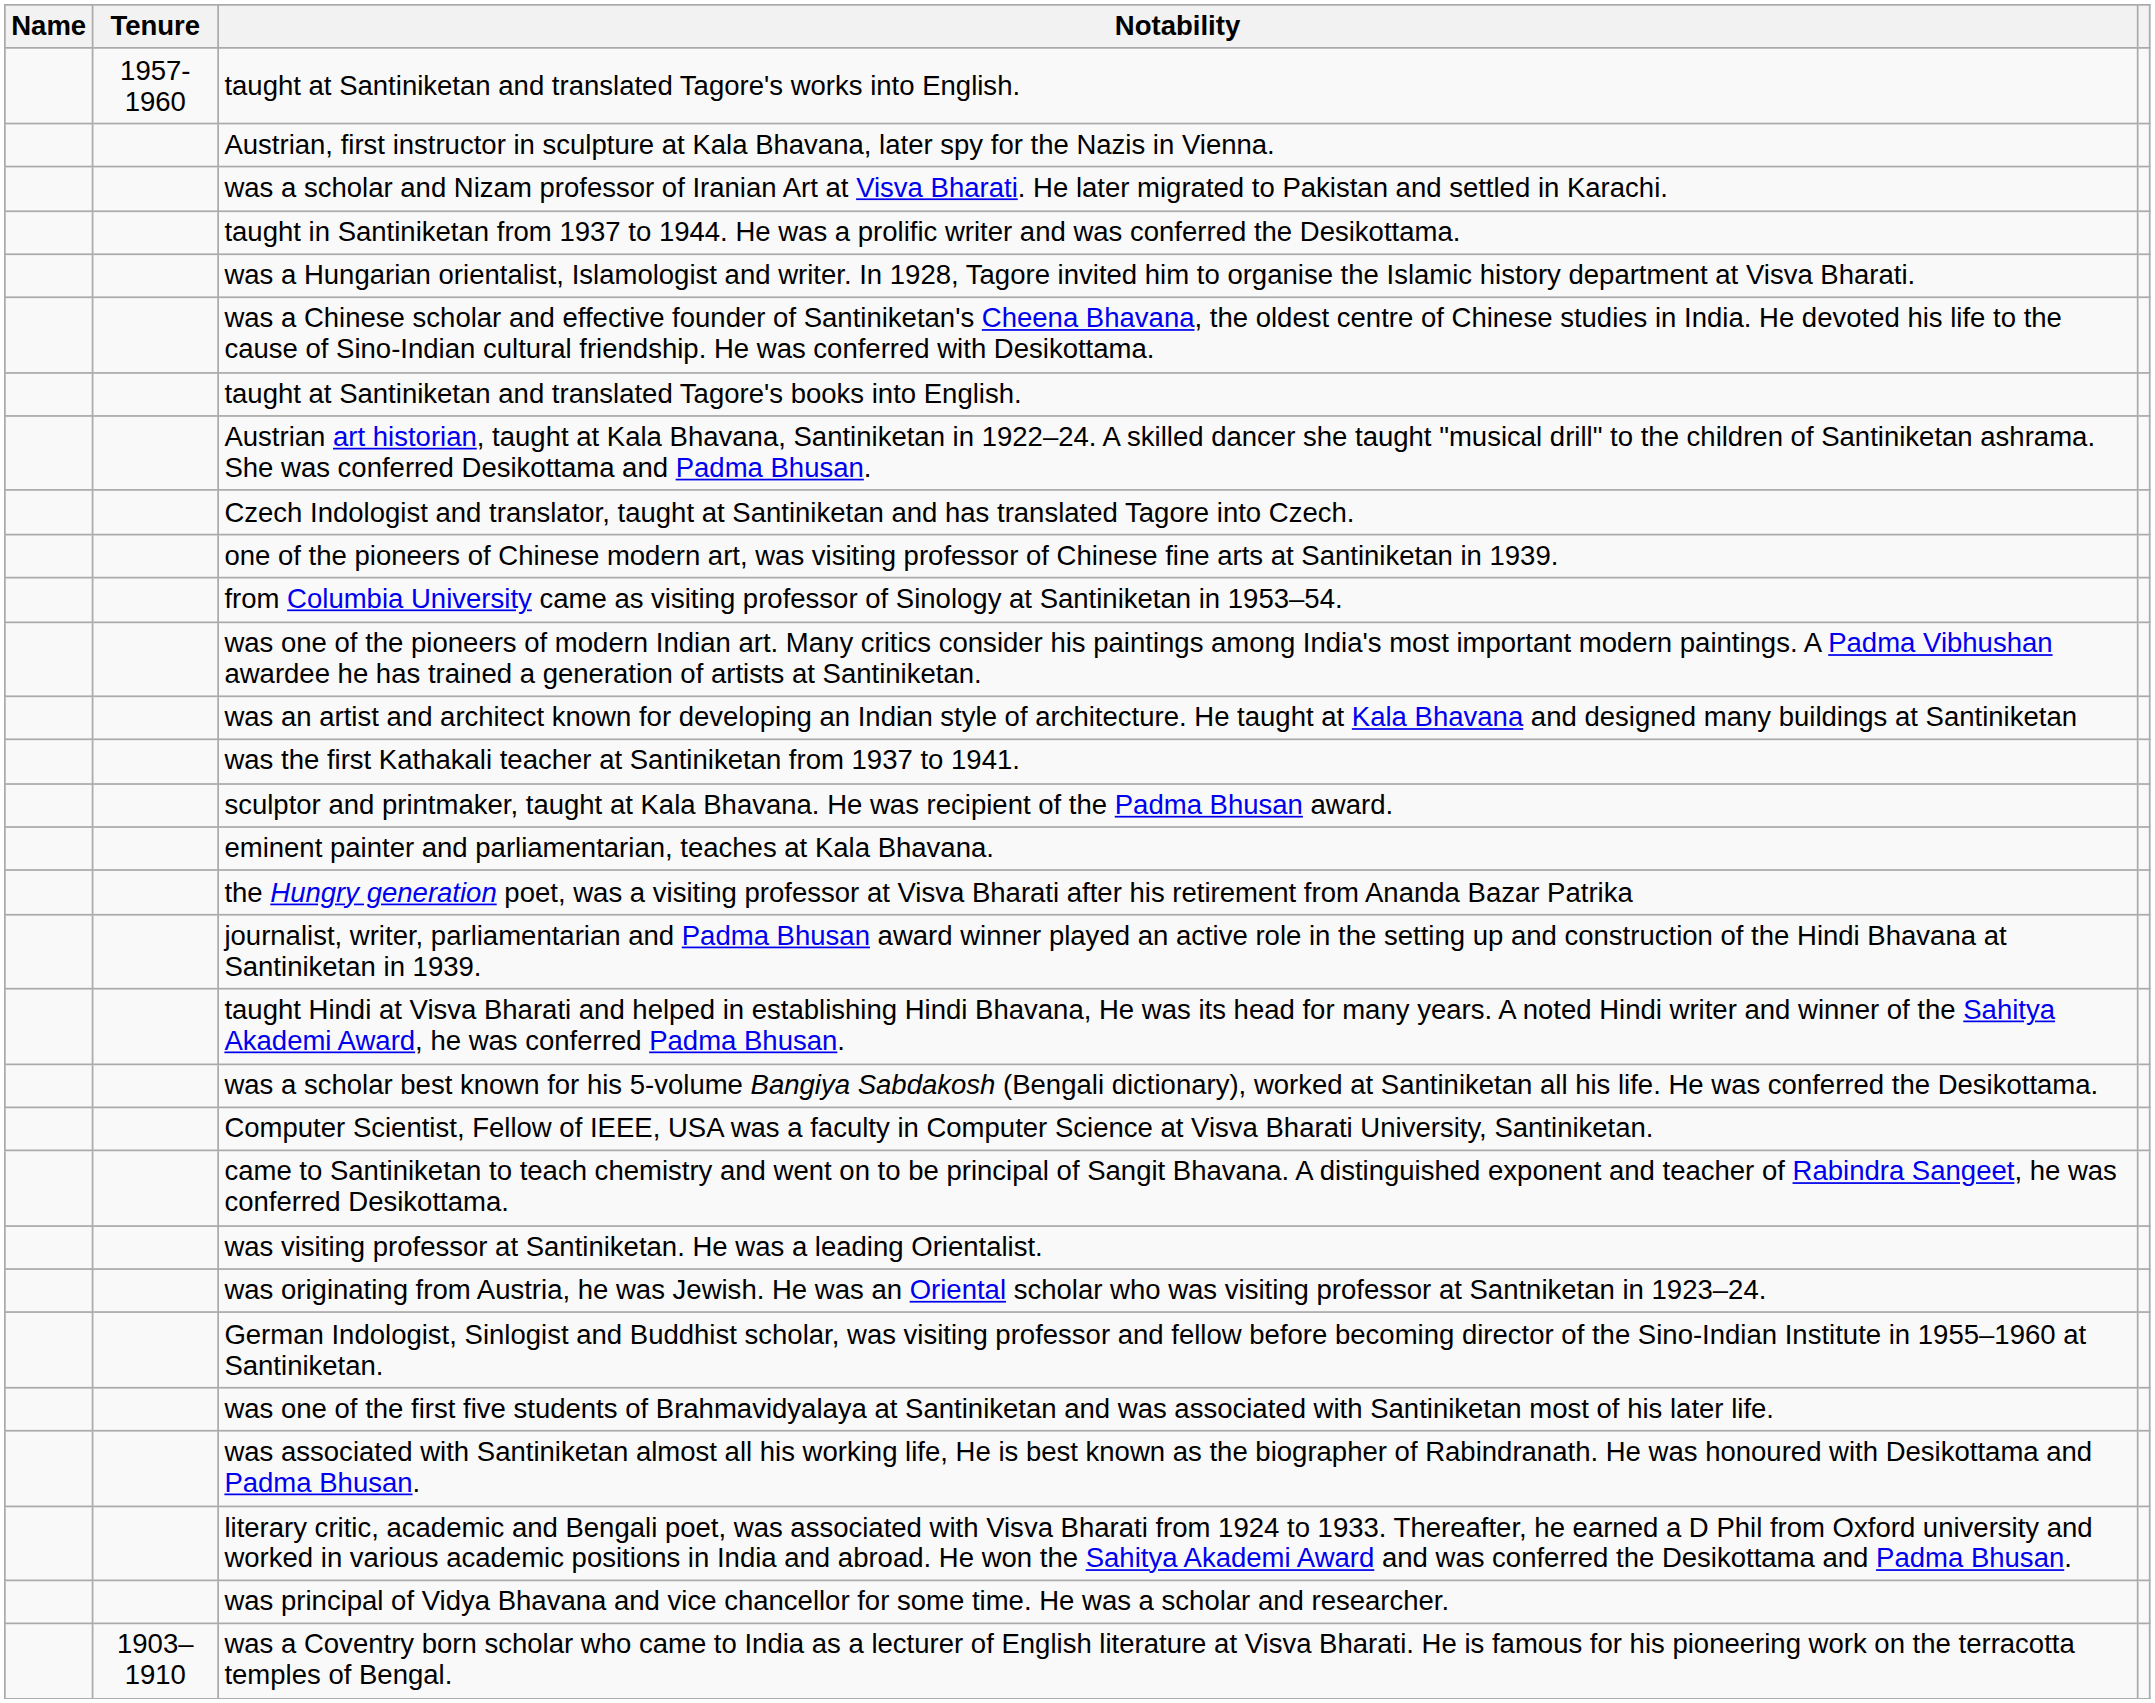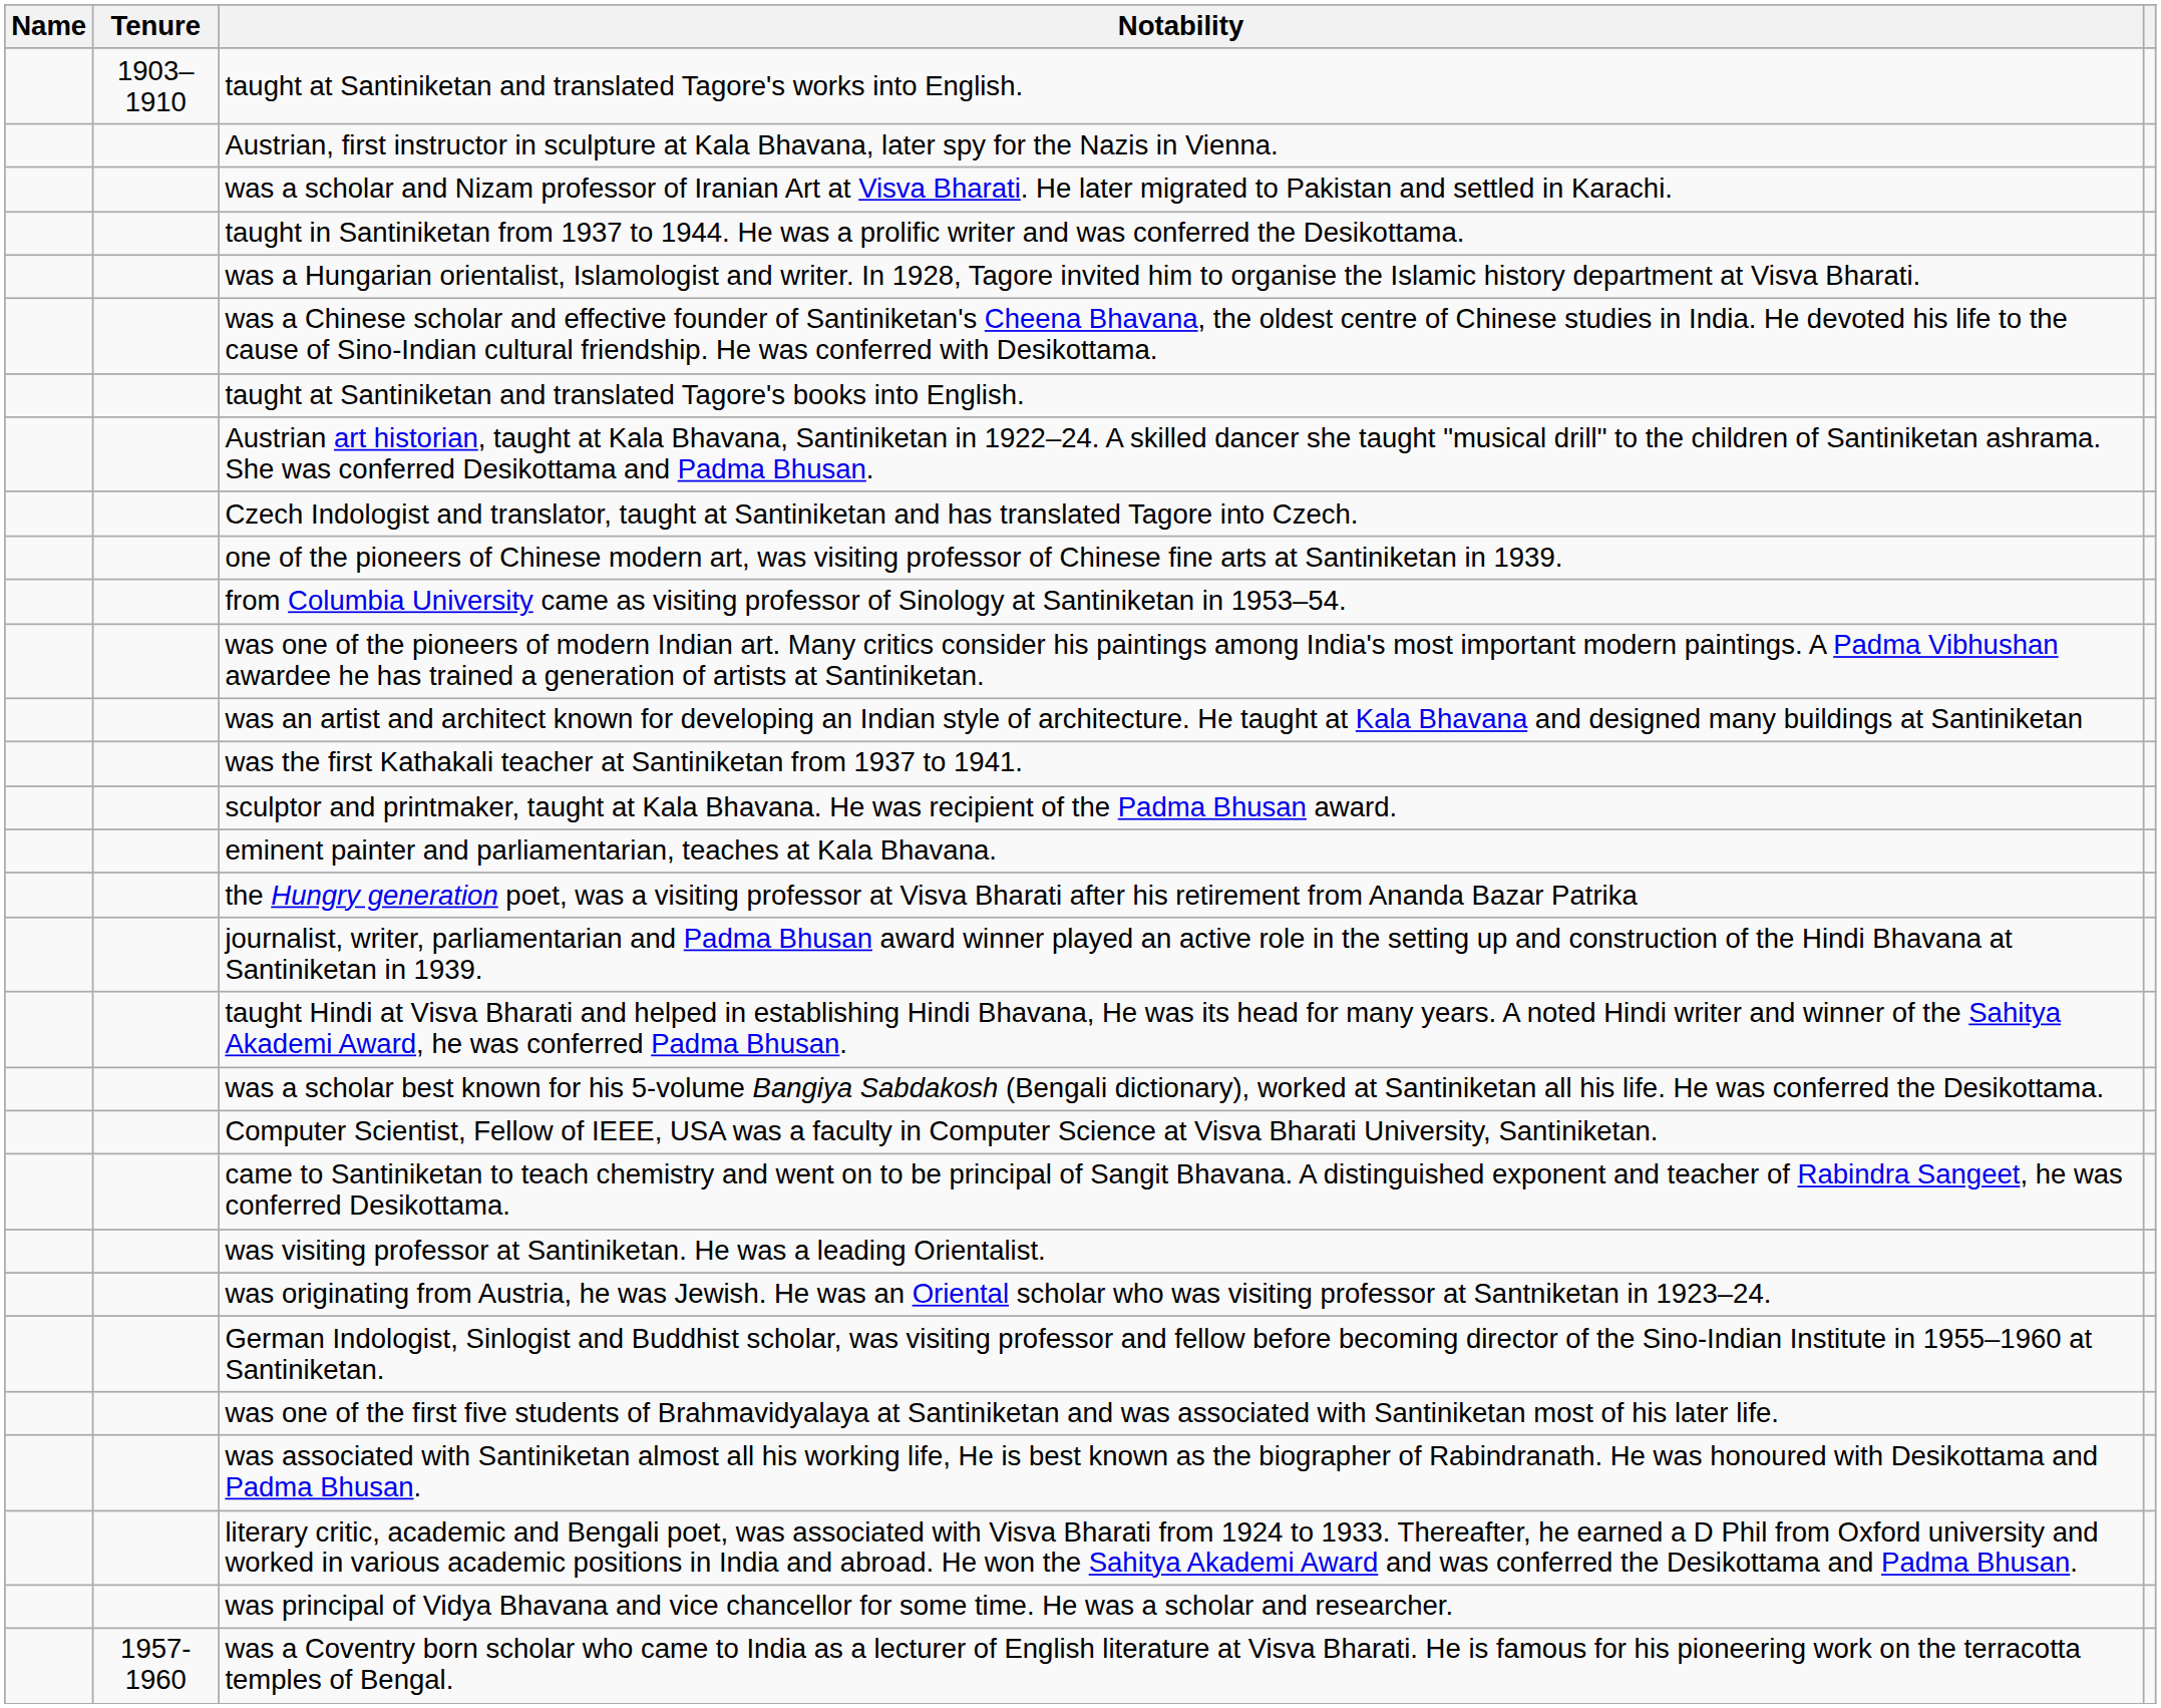 <table class="wikitable sortable">
 <tr>
 <th>Name</th>
 <th data-sort-type="isoDate">Tenure</th>
 <th class="unsortable">Notability</th>
 <th class="unsortable"></th>
 </tr>
 <tr>
 <td></td>
-<td style="text-align:center;">1957-1960</td>
+<td style="text-align:center;">1903–1910</td>
 <td>taught at Santiniketan and translated Tagore's works into English.</td>
 <td style="text-align:center;"></td>
 </tr>
 <tr>
 <td></td>
 <td style="text-align:center;"></td>
 <td>Austrian, first instructor in sculpture at Kala Bhavana, later spy for the Nazis in Vienna.</td>
 <td style="text-align:center;"></td>
 </tr>
 <tr>
 <td></td>
 <td style="text-align:center;"></td>
 <td>was a scholar and Nizam professor of Iranian Art at <a href='#'>Visva Bharati</a>. He later migrated to Pakistan and settled in Karachi.</td>
 <td style="text-align:center;"></td>
 </tr>
 <tr>
 <td></td>
 <td style="text-align:center;"></td>
 <td>taught in Santiniketan from 1937 to 1944. He was a prolific writer and was conferred the Desikottama.</td>
 <td style="text-align:center;"></td>
 </tr>
 <tr>
 <td></td>
 <td style="text-align:center;"></td>
 <td>was a Hungarian orientalist, Islamologist and writer. In 1928, Tagore invited him to organise the Islamic history department at Visva Bharati.</td>
 <td style="text-align:center;"></td>
 </tr>
 <tr>
 <td></td>
 <td style="text-align:center;"></td>
 <td>was a Chinese scholar and effective founder of Santiniketan's <a href='#'>Cheena Bhavana</a>, the oldest centre of Chinese studies in India. He devoted his life to the cause of Sino-Indian cultural friendship. He was conferred with Desikottama.</td>
 <td style="text-align:center;"></td>
 </tr>
 <tr>
 <td></td>
 <td style="text-align:center;"></td>
 <td>taught at Santiniketan and translated Tagore's books into English.</td>
 <td style="text-align:center;"></td>
 </tr>
 <tr>
 <td></td>
 <td style="text-align:center;"></td>
 <td>Austrian <a href='#'>art historian</a>, taught at Kala Bhavana, Santiniketan in 1922–24. A skilled dancer she taught "musical drill" to the children of Santiniketan ashrama. She was conferred Desikottama and <a href='#'>Padma Bhusan</a>.</td>
 <td style="text-align:center;"></td>
 </tr>
 <tr>
 <td></td>
 <td style="text-align:center;"></td>
 <td>Czech Indologist and translator, taught at Santiniketan and has translated Tagore into Czech.</td>
 <td style="text-align:center;"></td>
 </tr>
 <tr>
 <td></td>
 <td style="text-align:center;"></td>
 <td>one of the pioneers of Chinese modern art, was visiting professor of Chinese fine arts at Santiniketan in 1939.</td>
 <td style="text-align:center;"></td>
 </tr>
 <tr>
 <td></td>
 <td style="text-align:center;"></td>
 <td>from <a href='#'>Columbia University</a> came as visiting professor of Sinology at Santiniketan in 1953–54.</td>
 <td style="text-align:center;"></td>
 </tr>
 <tr>
 <td></td>
 <td style="text-align:center;"></td>
 <td>was one of the pioneers of modern Indian art. Many critics consider his paintings among India's most important modern paintings. A <a href='#'>Padma Vibhushan</a> awardee he has trained a generation of artists at Santiniketan.</td>
 <td style="text-align:center;"></td>
 </tr>
 <tr>
 <td></td>
 <td style="text-align:center;"></td>
 <td>was an artist and architect known for developing an Indian style of architecture. He taught at <a href='#'>Kala Bhavana</a> and designed many buildings at Santiniketan</td>
 <td style="text-align:center;"></td>
 </tr>
 <tr>
 <td></td>
 <td style="text-align:center;"></td>
 <td>was the first Kathakali teacher at Santiniketan from 1937 to 1941.</td>
 <td style="text-align:center;"></td>
 </tr>
 <tr>
 <td></td>
 <td style="text-align:center;"></td>
 <td>sculptor and printmaker, taught at Kala Bhavana. He was recipient of the <a href='#'>Padma Bhusan</a> award.</td>
 <td style="text-align:center;"></td>
 </tr>
 <tr>
 <td></td>
 <td style="text-align:center;"></td>
 <td>eminent painter and parliamentarian, teaches at Kala Bhavana.</td>
 <td style="text-align:center;"></td>
 </tr>
 <tr>
 <td></td>
 <td style="text-align:center;"></td>
 <td>the <em><a href='#'>Hungry generation</a></em> poet, was a visiting professor at Visva Bharati after his retirement from Ananda Bazar Patrika</td>
 <td style="text-align:center;"></td>
 </tr>
 <tr>
 <td></td>
 <td style="text-align:center;"></td>
 <td>journalist, writer, parliamentarian and <a href='#'>Padma Bhusan</a> award winner played an active role in the setting up and construction of the Hindi Bhavana at Santiniketan in 1939.</td>
 <td style="text-align:center;"></td>
 </tr>
 <tr>
 <td></td>
 <td style="text-align:center;"></td>
 <td>taught Hindi at Visva Bharati and helped in establishing Hindi Bhavana, He was its head for many years. A noted Hindi writer and winner of the <a href='#'>Sahitya Akademi Award</a>, he was conferred <a href='#'>Padma Bhusan</a>.</td>
 <td style="text-align:center;"></td>
 </tr>
 <tr>
 <td></td>
 <td style="text-align:center;"></td>
 <td>was a scholar best known for his 5-volume <em>Bangiya Sabdakosh</em> (Bengali dictionary), worked at Santiniketan all his life. He was conferred the Desikottama.</td>
 <td style="text-align:center;"></td>
 </tr>
 <tr>
 <td></td>
 <td style="text-align:center;"></td>
 <td>Computer Scientist, Fellow of IEEE, USA was a faculty in Computer Science at Visva Bharati University, Santiniketan.</td>
 <td style="text-align:center;"></td>
 </tr>
 <tr>
 <td></td>
 <td style="text-align:center;"></td>
 <td>came to Santiniketan to teach chemistry and went on to be principal of Sangit Bhavana. A distinguished exponent and teacher of <a href='#'>Rabindra Sangeet</a>, he was conferred Desikottama.</td>
 <td style="text-align:center;"></td>
 </tr>
 <tr>
 <td></td>
 <td style="text-align:center;"></td>
 <td>was visiting professor at Santiniketan. He was a leading Orientalist.</td>
 <td style="text-align:center;"></td>
 </tr>
 <tr>
 <td></td>
 <td style="text-align:center;"></td>
 <td>was originating from Austria, he was Jewish. He was an <a href='#'>Oriental</a> scholar who was visiting professor at Santniketan in 1923–24.</td>
 <td style="text-align:center;"></td>
 </tr>
 <tr>
 <td></td>
 <td style="text-align:center;"></td>
 <td>German Indologist, Sinlogist and Buddhist scholar, was visiting professor and fellow before becoming director of the Sino-Indian Institute in 1955–1960 at Santiniketan.</td>
 <td style="text-align:center;"></td>
 </tr>
 <tr>
 <td></td>
 <td style="text-align:center;"></td>
 <td>was one of the first five students of Brahmavidyalaya at Santiniketan and was associated with Santiniketan most of his later life.</td>
 <td style="text-align:center;"></td>
 </tr>
 <tr>
 <td></td>
 <td style="text-align:center;"></td>
 <td>was associated with Santiniketan almost all his working life, He is best known as the biographer of Rabindranath. He was honoured with Desikottama and <a href='#'>Padma Bhusan</a>.</td>
 <td style="text-align:center;"></td>
 </tr>
 <tr>
 <td></td>
 <td style="text-align:center;"></td>
 <td>literary critic, academic and Bengali poet, was associated with Visva Bharati from 1924 to 1933. Thereafter, he earned a D Phil from Oxford university and worked in various academic positions in India and abroad. He won the <a href='#'>Sahitya Akademi Award</a> and was conferred the Desikottama and <a href='#'>Padma Bhusan</a>.</td>
 <td style="text-align:center;"></td>
 </tr>
 <tr>
 <td></td>
 <td style="text-align:center;"></td>
 <td>was principal of Vidya Bhavana and vice chancellor for some time. He was a scholar and researcher.</td>
 <td style="text-align:center;"></td>
 </tr>
 <tr>
 <td></td>
-<td style="text-align:center;">1903–1910</td>
+<td style="text-align:center;">1957-1960</td>
 <td>was a Coventry born scholar who came to India as a lecturer of English literature at Visva Bharati. He is famous for his pioneering work on the terracotta temples of Bengal.</td>
 <td style="text-align:center;"></td>
 </tr>
 <tr>
 </tr>
 </table>
